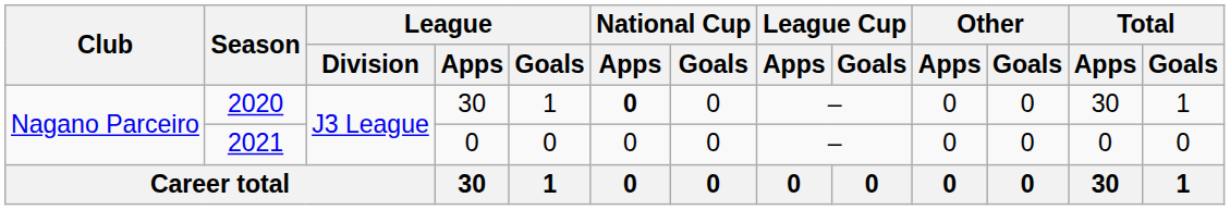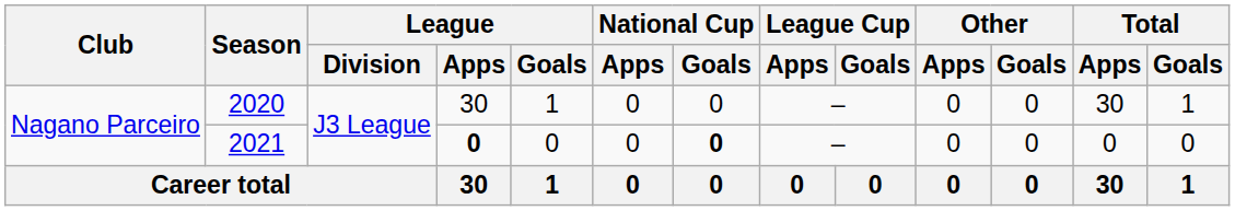 <table class="wikitable" style="text-align: center">
 <tr>
 <th rowspan="2">Club</th>
 <th rowspan="2">Season</th>
 <th colspan="3">League</th>
 <th colspan="2">National Cup</th>
 <th colspan="2">League Cup</th>
 <th colspan="2">Other</th>
 <th colspan="2">Total</th>
 </tr>
 <tr>
 <th>Division</th>
 <th>Apps</th>
 <th>Goals</th>
 <th>Apps</th>
 <th>Goals</th>
 <th>Apps</th>
 <th>Goals</th>
 <th>Apps</th>
 <th>Goals</th>
 <th>Apps</th>
 <th>Goals</th>
 </tr>
 <tr>
 <td rowspan=2><a href='#'>Nagano Parceiro</a></td>
 <td><a href='#'>2020</a></td>
 <td rowspan=2><a href='#'>J3 League</a></td>
 <td>30</td>
 <td>1</td>
-<td><strong>0</strong></td>
+<td>0</td>
 <td>0</td>
 <td colspan="2">–</td>
 <td>0</td>
 <td>0</td>
 <td>30</td>
 <td>1</td>
 </tr>
 <tr>
 <td><a href='#'>2021</a></td>
+<td><strong>0</strong></td>
 <td>0</td>
 <td>0</td>
-<td>0</td>
-<td>0</td>
+<td><strong>0</strong></td>
 <td colspan="2">–</td>
 <td>0</td>
 <td>0</td>
 <td>0</td>
 <td>0</td>
 </tr>
 <tr>
 <th colspan=3>Career total</th>
 <th>30</th>
 <th>1</th>
 <th>0</th>
 <th>0</th>
 <th>0</th>
 <th>0</th>
 <th>0</th>
 <th>0</th>
 <th>30</th>
 <th>1</th>
 </tr>
 </table>
